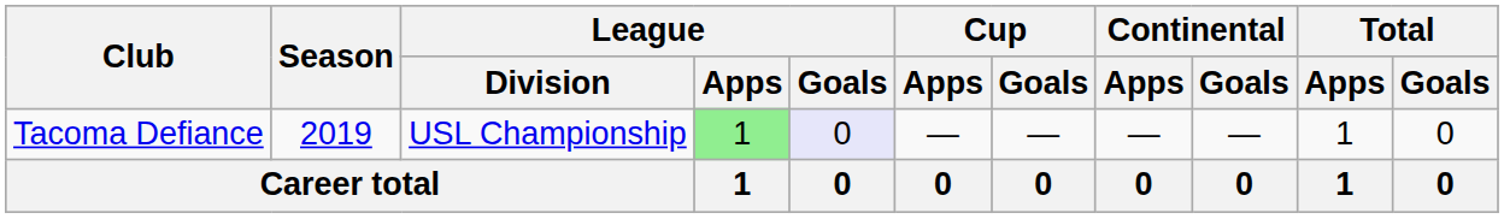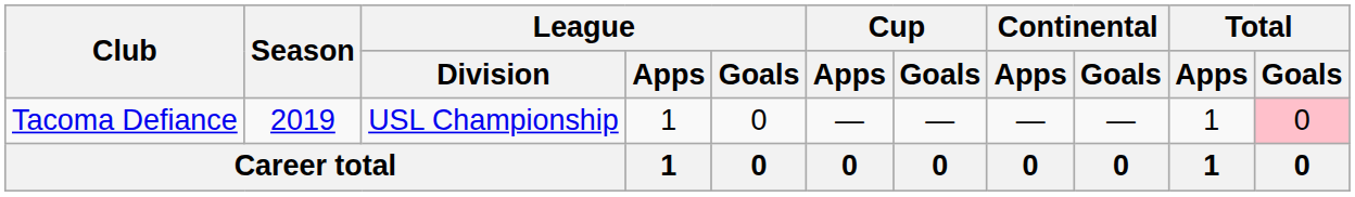 <table class="wikitable" style="text-align: center;">
 <tr>
 <th rowspan="2">Club</th>
 <th rowspan="2">Season</th>
 <th colspan="3">League</th>
 <th colspan="2">Cup</th>
 <th colspan="2">Continental</th>
 <th colspan="2">Total</th>
 </tr>
 <tr>
 <th>Division</th>
 <th>Apps</th>
 <th>Goals</th>
 <th>Apps</th>
 <th>Goals</th>
 <th>Apps</th>
 <th>Goals</th>
 <th>Apps</th>
 <th>Goals</th>
 </tr>
 <tr>
 <td rowspan="1"><a href='#'>Tacoma Defiance</a></td>
 <td><a href='#'>2019</a></td>
 <td><a href='#'>USL Championship</a></td>
-<td style="background: lightgreen;">1</td>
-<td style="background: lavender;">0</td>
+<td>1</td>
+<td>0</td>
 <td>—</td>
 <td>—</td>
 <td>—</td>
 <td>—</td>
 <td>1</td>
-<td>0</td>
+<td style="background: pink;">0</td>
 </tr>
 <tr>
 <th colspan="3">Career total</th>
 <th>1</th>
 <th>0</th>
 <th>0</th>
 <th>0</th>
 <th>0</th>
 <th>0</th>
 <th>1</th>
 <th>0</th>
 </tr>
 </table>
